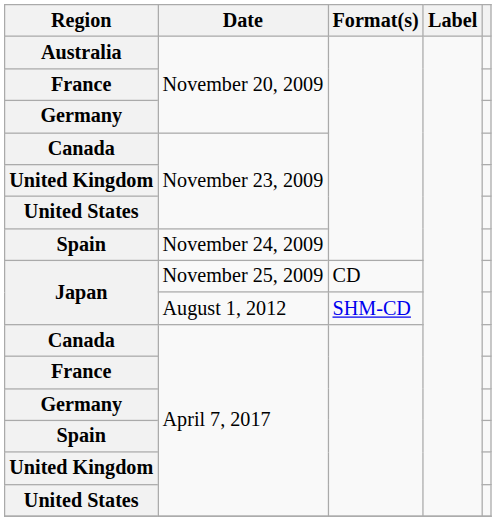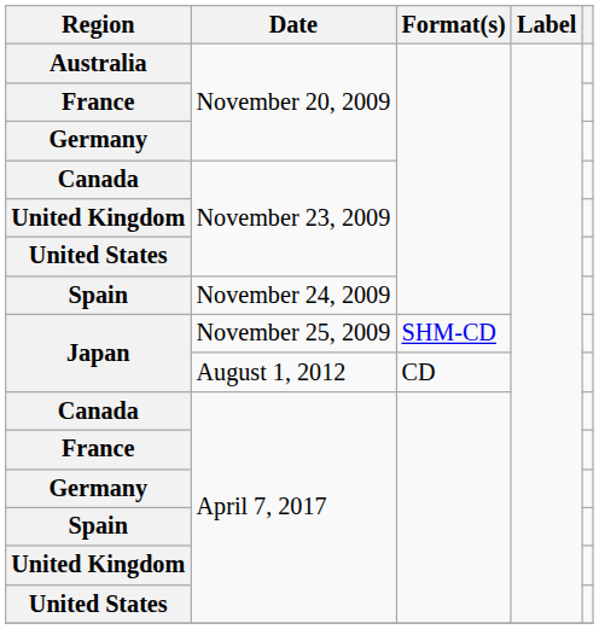 <table class="wikitable plainrowheaders">
 <tr>
 <th scope="col">Region</th>
 <th scope="col">Date</th>
 <th scope="col">Format(s)</th>
 <th scope="col">Label</th>
 <th scope="col"></th>
 </tr>
 <tr>
 <th scope="row">Australia</th>
 <td rowspan="3">November 20, 2009</td>
 <td rowspan="7"></td>
 <td rowspan="15"></td>
 <td style="text-align:center;"></td>
 </tr>
 <tr>
 <th scope="row">France</th>
 <td style="text-align:center;"></td>
 </tr>
 <tr>
 <th scope="row">Germany</th>
 <td style="text-align:center;"></td>
 </tr>
 <tr>
 <th scope="row">Canada</th>
 <td rowspan="3">November 23, 2009</td>
 <td style="text-align:center;"></td>
 </tr>
 <tr>
 <th scope="row">United Kingdom</th>
 <td style="text-align:center;"></td>
 </tr>
 <tr>
 <th scope="row">United States</th>
 <td style="text-align:center;"></td>
 </tr>
 <tr>
 <th scope="row">Spain</th>
 <td>November 24, 2009</td>
 <td style="text-align:center;"></td>
 </tr>
 <tr>
 <th scope="row" rowspan="2">Japan</th>
 <td>November 25, 2009</td>
-<td>CD</td>
+<td><a href='#'>SHM-CD</a></td>
 <td style="text-align:center;"></td>
 </tr>
 <tr>
 <td>August 1, 2012</td>
-<td><a href='#'>SHM-CD</a></td>
+<td>CD</td>
 <td style="text-align:center;"></td>
 </tr>
 <tr>
 <th scope="row">Canada</th>
 <td rowspan="6">April 7, 2017</td>
 <td rowspan="6"></td>
 <td style="text-align:center;"></td>
 </tr>
 <tr>
 <th scope="row">France</th>
 <td style="text-align:center;"></td>
 </tr>
 <tr>
 <th scope="row">Germany</th>
 <td style="text-align:center;"></td>
 </tr>
 <tr>
 <th scope="row">Spain</th>
 <td style="text-align:center;"></td>
 </tr>
 <tr>
 <th scope="row">United Kingdom</th>
 <td style="text-align:center;"></td>
 </tr>
 <tr>
 <th scope="row">United States</th>
 <td style="text-align:center;"></td>
 </tr>
 <tr>
 </tr>
 </table>
